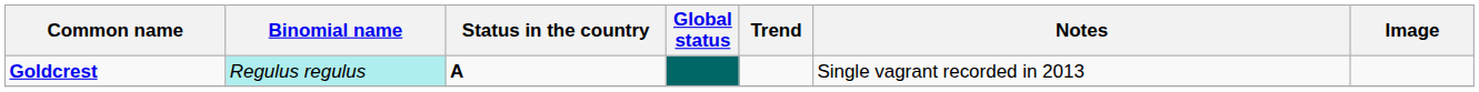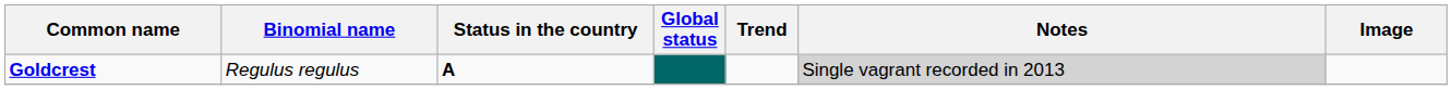 <table class="wikitable sortable">
 <tr>
 <th width="15%">Common name</th>
 <th width="15%"><a href='#'>Binomial name</a></th>
 <th data-sort-type="number" width="15%">Status in the country</th>
 <th width="5%"><a href='#'>Global status</a></th>
 <th width="5%">Trend</th>
 <th class="unsortable">Notes</th>
 <th class="unsortable">Image</th>
 </tr>
 <tr>
 <td><strong><a href='#'>Goldcrest</a></strong></td>
-<td style="background: paleturquoise;"><em>Regulus regulus</em></td>
+<td><em>Regulus regulus</em></td>
 <td><strong>A</strong></td>
 <td align=center style="background: #006666"></td>
 <td align=center></td>
-<td>Single vagrant recorded in 2013</td>
+<td style="background: lightgrey;">Single vagrant recorded in 2013</td>
 <td></td>
 </tr>
 <tr>
 </tr>
 </table>
